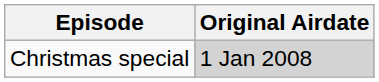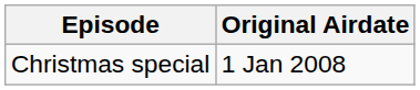 <table class="wikitable">
 <tr>
 <th>Episode</th>
 <th>Original Airdate</th>
 </tr>
 <tr --->
 <td>Christmas special</td>
-<td style="background: lightgrey;">1 Jan 2008</td>
+<td>1 Jan 2008</td>
 </tr>
 </table>
